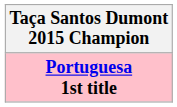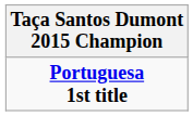 <table class="wikitable" style="text-align: center; margin: 0 auto;">
 <tr>
 <th>Taça Santos Dumont<br>2015 Champion</th>
 </tr>
 <tr>
-<td style="background: pink;"><strong><a href='#'>Portuguesa</a></strong><br><strong>1st title</strong></td>
+<td><strong><a href='#'>Portuguesa</a></strong><br><strong>1st title</strong></td>
 </tr>
 </table>
